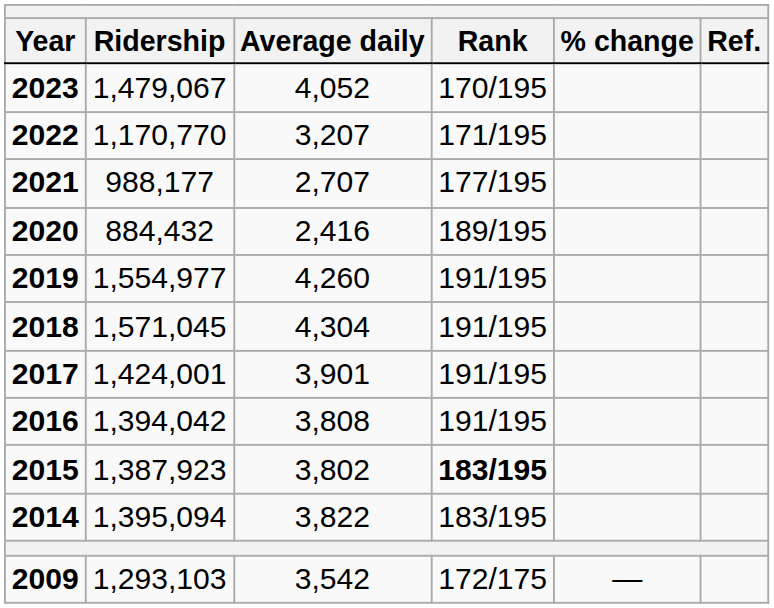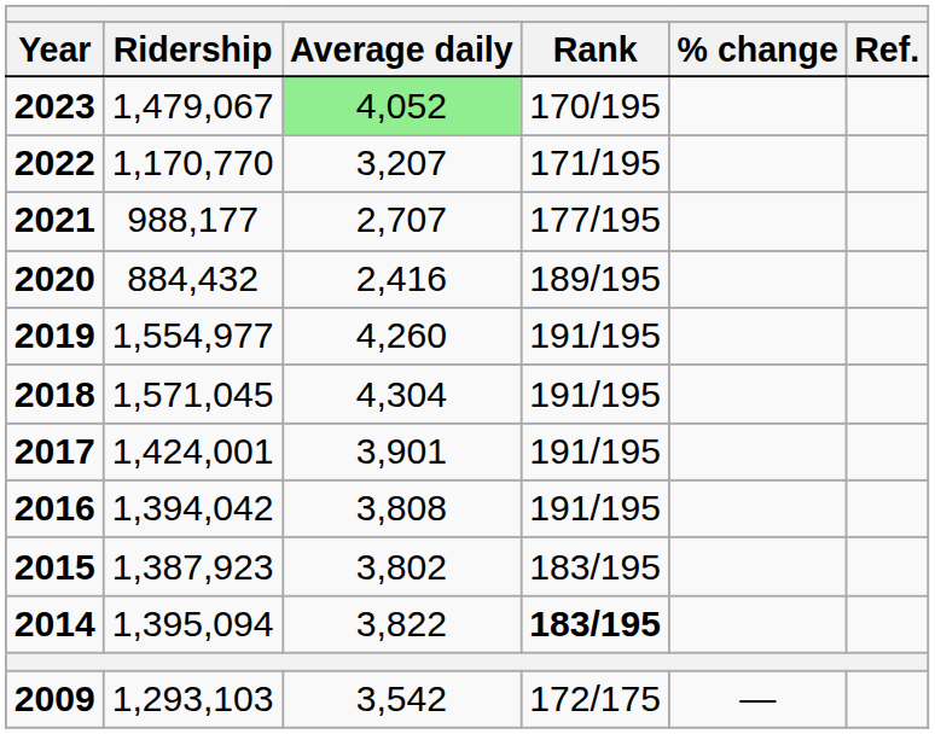 <table class="wikitable sortable" style="text-align:right;">
 <tr>
 <th colspan="6" style="background-color:#"></th>
 </tr>
 <tr style="font-size:95%; text-align:center">
 <th style="border-bottom:1px solid black">Year</th>
 <th style="border-bottom:1px solid black">Ridership</th>
 <th style="border-bottom:1px solid black">Average daily</th>
 <th style="border-bottom:1px solid black">Rank</th>
 <th style="border-bottom:1px solid black">% change</th>
 <th style="border-bottom:1px solid black">Ref.</th>
 </tr>
 <tr style="text-align:center;">
 <td><strong>2023</strong></td>
 <td>1,479,067</td>
-<td>4,052</td>
+<td style="background: lightgreen;">4,052</td>
 <td>170/195</td>
 <td></td>
 <td></td>
 </tr>
 <tr style="text-align:center;">
 <td><strong>2022</strong></td>
 <td>1,170,770</td>
 <td>3,207</td>
 <td>171/195</td>
 <td></td>
 <td></td>
 </tr>
 <tr style="text-align:center;">
 <td><strong>2021</strong></td>
 <td>988,177</td>
 <td>2,707</td>
 <td>177/195</td>
 <td></td>
 <td></td>
 </tr>
 <tr style="text-align:center;">
 <td><strong>2020</strong></td>
 <td>884,432</td>
 <td>2,416</td>
 <td>189/195</td>
 <td></td>
 <td></td>
 </tr>
 <tr style="text-align:center;">
 <td><strong>2019</strong></td>
 <td>1,554,977</td>
 <td>4,260</td>
 <td>191/195</td>
 <td></td>
 <td></td>
 </tr>
 <tr style="text-align:center;">
 <td><strong>2018</strong></td>
 <td>1,571,045</td>
 <td>4,304</td>
 <td>191/195</td>
 <td></td>
 <td></td>
 </tr>
 <tr style="text-align:center;">
 <td><strong>2017</strong></td>
 <td>1,424,001</td>
 <td>3,901</td>
 <td>191/195</td>
 <td></td>
 <td></td>
 </tr>
 <tr style="text-align:center;">
 <td><strong>2016</strong></td>
 <td>1,394,042</td>
 <td>3,808</td>
 <td>191/195</td>
 <td></td>
 <td></td>
 </tr>
 <tr style="text-align:center;">
 <td><strong>2015</strong></td>
 <td>1,387,923</td>
 <td>3,802</td>
-<td><strong>183/195</strong></td>
+<td>183/195</td>
 <td></td>
 <td></td>
 </tr>
 <tr style="text-align:center;">
 <td><strong>2014</strong></td>
 <td>1,395,094</td>
 <td>3,822</td>
-<td>183/195</td>
+<td><strong>183/195</strong></td>
 <td></td>
 <td></td>
 </tr>
 <tr>
 <th colspan="6" style="background-color:#"></th>
 </tr>
 <tr style="text-align:center;">
 <td><strong>2009</strong></td>
 <td>1,293,103</td>
 <td>3,542</td>
 <td>172/175</td>
 <td>—</td>
 <td></td>
 </tr>
 </table>
